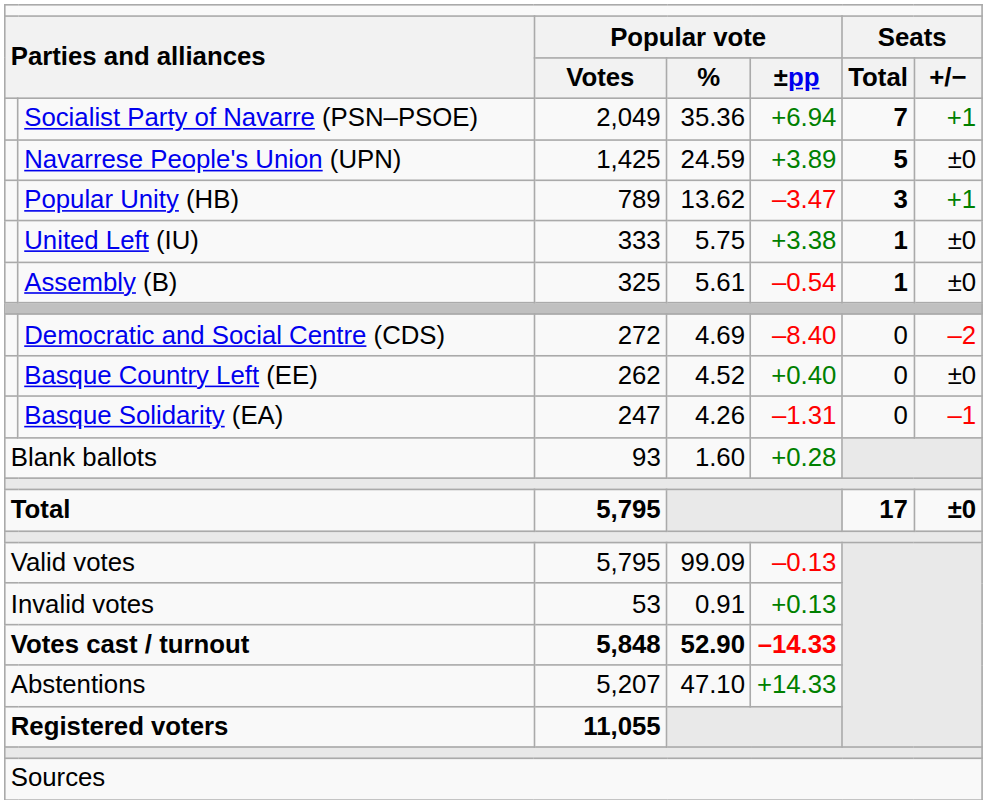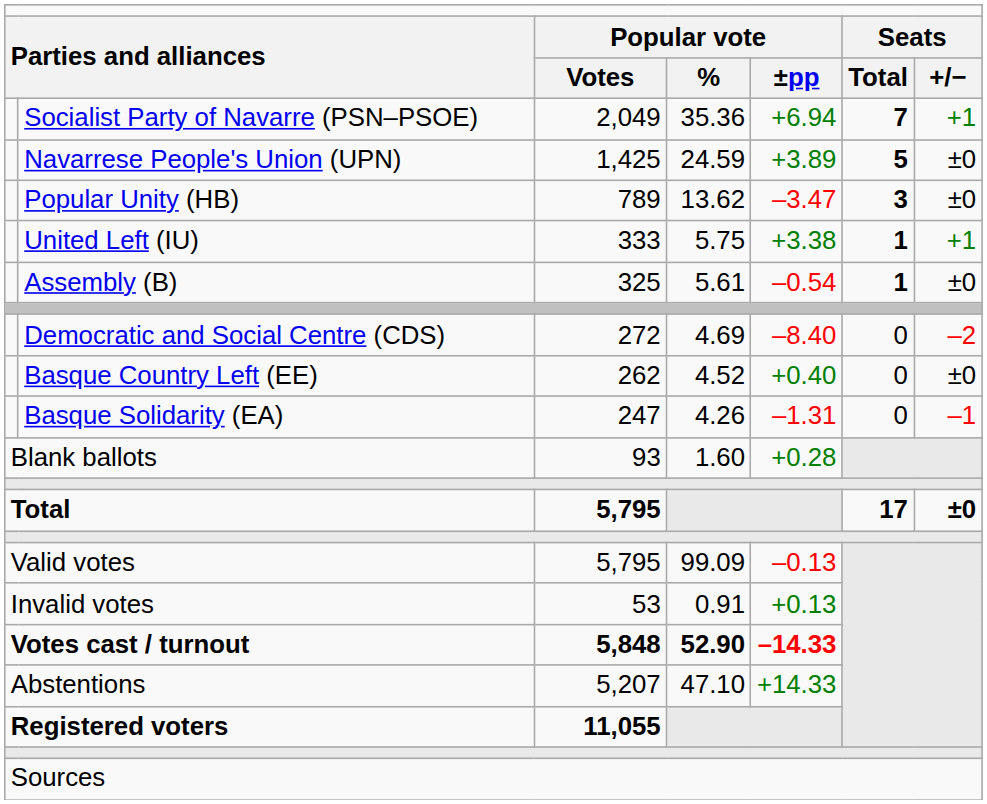 <table class="wikitable" style="text-align:right;">
 <tr>
 <td colspan="7"></td>
 </tr>
 <tr>
 <th style="text-align:left;" rowspan="2" colspan="2" width="525">Parties and alliances</th>
 <th colspan="3">Popular vote</th>
 <th colspan="2">Seats</th>
 </tr>
 <tr>
 <th width="75">Votes</th>
 <th width="45">%</th>
 <th width="45">±<a href='#'>pp</a></th>
 <th width="35">Total</th>
 <th width="35">+/−</th>
 </tr>
 <tr>
 <td width="1" style="color:inherit;background:"></td>
 <td align="left"><a href='#'>Socialist Party of Navarre</a> (PSN–PSOE)</td>
 <td>2,049</td>
 <td>35.36</td>
 <td style="color:green;">+6.94</td>
 <td><strong>7</strong></td>
 <td style="color:green;">+1</td>
 </tr>
 <tr>
 <td style="color:inherit;background:"></td>
 <td align="left"><a href='#'>Navarrese People's Union</a> (UPN)</td>
 <td>1,425</td>
 <td>24.59</td>
 <td style="color:green;">+3.89</td>
 <td><strong>5</strong></td>
 <td>±0</td>
 </tr>
 <tr>
 <td style="color:inherit;background:"></td>
 <td align="left"><a href='#'>Popular Unity</a> (HB)</td>
 <td>789</td>
 <td>13.62</td>
 <td style="color:red;">–3.47</td>
 <td><strong>3</strong></td>
-<td style="color:green;">+1</td>
+<td>±0</td>
 </tr>
 <tr>
 <td style="color:inherit;background:"></td>
 <td align="left"><a href='#'>United Left</a> (IU)</td>
 <td>333</td>
 <td>5.75</td>
 <td style="color:green;">+3.38</td>
 <td><strong>1</strong></td>
-<td>±0</td>
+<td style="color:green;">+1</td>
 </tr>
 <tr>
 <td style="color:inherit;background:"></td>
 <td align="left"><a href='#'>Assembly</a> (B)</td>
 <td>325</td>
 <td>5.61</td>
 <td style="color:red;">–0.54</td>
 <td><strong>1</strong></td>
 <td>±0</td>
 </tr>
 <tr>
 <td colspan="7" bgcolor="#C0C0C0"></td>
 </tr>
 <tr>
 <td style="color:inherit;background:"></td>
 <td align="left"><a href='#'>Democratic and Social Centre</a> (CDS)</td>
 <td>272</td>
 <td>4.69</td>
 <td style="color:red;">–8.40</td>
 <td>0</td>
 <td style="color:red;">–2</td>
 </tr>
 <tr>
 <td style="color:inherit;background:"></td>
 <td align="left"><a href='#'>Basque Country Left</a> (EE)</td>
 <td>262</td>
 <td>4.52</td>
 <td style="color:green;">+0.40</td>
 <td>0</td>
 <td>±0</td>
 </tr>
 <tr>
 <td style="color:inherit;background:"></td>
 <td align="left"><a href='#'>Basque Solidarity</a> (EA)</td>
 <td>247</td>
 <td>4.26</td>
 <td style="color:red;">–1.31</td>
 <td>0</td>
 <td style="color:red;">–1</td>
 </tr>
 <tr>
 <td align="left" colspan="2">Blank ballots</td>
 <td>93</td>
 <td>1.60</td>
 <td style="color:green;">+0.28</td>
 <td bgcolor="#E9E9E9" colspan="2"></td>
 </tr>
 <tr>
 <td colspan="7" bgcolor="#E9E9E9"></td>
 </tr>
 <tr style="font-weight:bold;">
 <td align="left" colspan="2">Total</td>
 <td>5,795</td>
 <td bgcolor="#E9E9E9" colspan="2"></td>
 <td>17</td>
 <td>±0</td>
 </tr>
 <tr>
 <td colspan="7" bgcolor="#E9E9E9"></td>
 </tr>
 <tr>
 <td align="left" colspan="2">Valid votes</td>
 <td>5,795</td>
 <td>99.09</td>
 <td style="color:red;">–0.13</td>
 <td bgcolor="#E9E9E9" colspan="2" rowspan="5"></td>
 </tr>
 <tr>
 <td align="left" colspan="2">Invalid votes</td>
 <td>53</td>
 <td>0.91</td>
 <td style="color:green;">+0.13</td>
 </tr>
 <tr style="font-weight:bold;">
 <td align="left" colspan="2">Votes cast / turnout</td>
 <td>5,848</td>
 <td>52.90</td>
 <td style="color:red;">–14.33</td>
 </tr>
 <tr>
 <td align="left" colspan="2">Abstentions</td>
 <td>5,207</td>
 <td>47.10</td>
 <td style="color:green;">+14.33</td>
 </tr>
 <tr style="font-weight:bold;">
 <td align="left" colspan="2">Registered voters</td>
 <td>11,055</td>
 <td bgcolor="#E9E9E9" colspan="2"></td>
 </tr>
 <tr>
 <td colspan="7" bgcolor="#E9E9E9"></td>
 </tr>
 <tr>
 <td align="left" colspan="7">Sources</td>
 </tr>
 </table>
